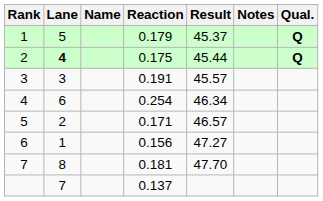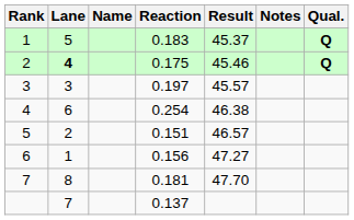 <table class="wikitable sortable" style="text-align:center">
 <tr>
 <th>Rank</th>
 <th>Lane</th>
 <th>Name</th>
 <th>Reaction</th>
 <th>Result</th>
 <th>Notes</th>
 <th>Qual.</th>
 </tr>
 <tr style="background:#cfc;">
 <td>1</td>
 <td>5</td>
 <td align="left"></td>
-<td>0.179</td>
+<td>0.183</td>
 <td>45.37</td>
 <td></td>
 <td><strong>Q</strong></td>
 </tr>
 <tr style="background:#cfc;">
 <td>2</td>
 <td><strong>4</strong></td>
 <td align="left"></td>
 <td>0.175</td>
-<td>45.44</td>
+<td>45.46</td>
 <td></td>
 <td><strong>Q</strong></td>
 </tr>
 <tr>
 <td>3</td>
 <td>3</td>
 <td align="left"></td>
-<td>0.191</td>
+<td>0.197</td>
 <td>45.57</td>
 <td></td>
 <td></td>
 </tr>
 <tr>
 <td>4</td>
 <td>6</td>
 <td align="left"></td>
 <td>0.254</td>
-<td>46.34</td>
+<td>46.38</td>
 <td></td>
 <td></td>
 </tr>
 <tr>
 <td>5</td>
 <td>2</td>
 <td align="left"></td>
-<td>0.171</td>
+<td>0.151</td>
 <td>46.57</td>
 <td></td>
 <td></td>
 </tr>
 <tr>
 <td>6</td>
 <td>1</td>
 <td align="left"></td>
 <td>0.156</td>
 <td>47.27</td>
 <td></td>
 <td></td>
 </tr>
 <tr>
 <td>7</td>
 <td>8</td>
 <td align="left"></td>
 <td>0.181</td>
 <td>47.70</td>
 <td></td>
 <td></td>
 </tr>
 <tr>
 <td></td>
 <td>7</td>
 <td align="left"></td>
 <td>0.137</td>
 <td></td>
 <td></td>
 <td></td>
 </tr>
 </table>
